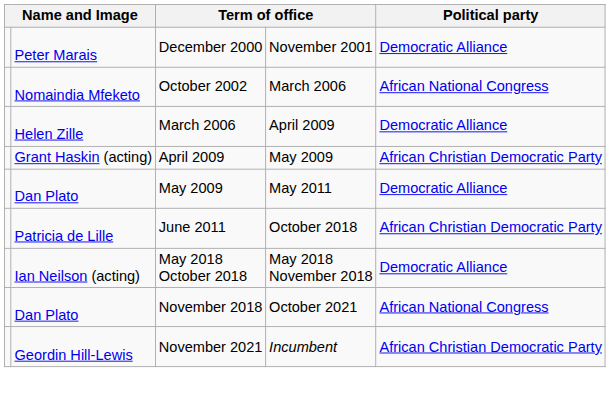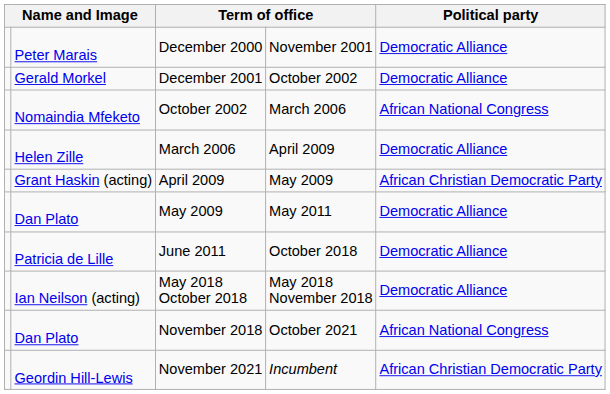 <table class="wikitable">
 <tr>
 <th colspan=2>Name and Image</th>
 <th colspan=2>Term of office</th>
 <th>Political party</th>
 </tr>
 <tr>
 <td style="background-color: "></td>
 <td><br><a href='#'>Peter Marais</a></td>
 <td>December 2000</td>
 <td>November 2001</td>
+<td><a href='#'>Democratic Alliance</a></td>
+</tr>
+<tr>
+<td style="background-color: "></td>
+<td><a href='#'>Gerald Morkel</a></td>
+<td>December 2001</td>
+<td>October 2002</td>
 <td><a href='#'>Democratic Alliance</a></td>
 </tr>
 <tr>
 <td style="background-color: "></td>
 <td><br><a href='#'>Nomaindia Mfeketo</a></td>
 <td>October 2002</td>
 <td>March 2006</td>
 <td><a href='#'>African National Congress</a></td>
 </tr>
 <tr>
 <td style="background-color: "></td>
 <td><br><a href='#'>Helen Zille</a></td>
 <td>March 2006</td>
 <td>April 2009</td>
 <td><a href='#'>Democratic Alliance</a></td>
 </tr>
 <tr>
 <td style="background-color: "></td>
 <td><a href='#'>Grant Haskin</a> (acting)</td>
 <td>April 2009</td>
 <td>May 2009</td>
 <td><a href='#'>African Christian Democratic Party</a></td>
 </tr>
 <tr>
 <td style="background-color: "></td>
 <td><br><a href='#'>Dan Plato</a></td>
 <td>May 2009</td>
 <td>May 2011</td>
 <td><a href='#'>Democratic Alliance</a></td>
 </tr>
 <tr>
 <td style="background-color: "></td>
 <td><br><a href='#'>Patricia de Lille</a></td>
 <td>June 2011</td>
 <td>October 2018</td>
-<td><a href='#'>African Christian Democratic Party</a></td>
+<td><a href='#'>Democratic Alliance</a></td>
 </tr>
 <tr>
 <td style="background-color: "></td>
 <td><br><a href='#'>Ian Neilson</a> (acting)<br></td>
 <td>May 2018<br> October 2018</td>
 <td>May 2018<br>November 2018</td>
 <td><a href='#'>Democratic Alliance</a></td>
 </tr>
 <tr>
 <td style="background-color: "></td>
 <td><br><a href='#'>Dan Plato</a></td>
 <td>November 2018</td>
 <td>October 2021</td>
 <td><a href='#'>African National Congress</a></td>
 </tr>
 <tr>
 <td style="background-color: "></td>
 <td><br><a href='#'>Geordin Hill-Lewis</a></td>
 <td>November 2021</td>
 <td><em>Incumbent</em></td>
 <td><a href='#'>African Christian Democratic Party</a></td>
 </tr>
 </table>
